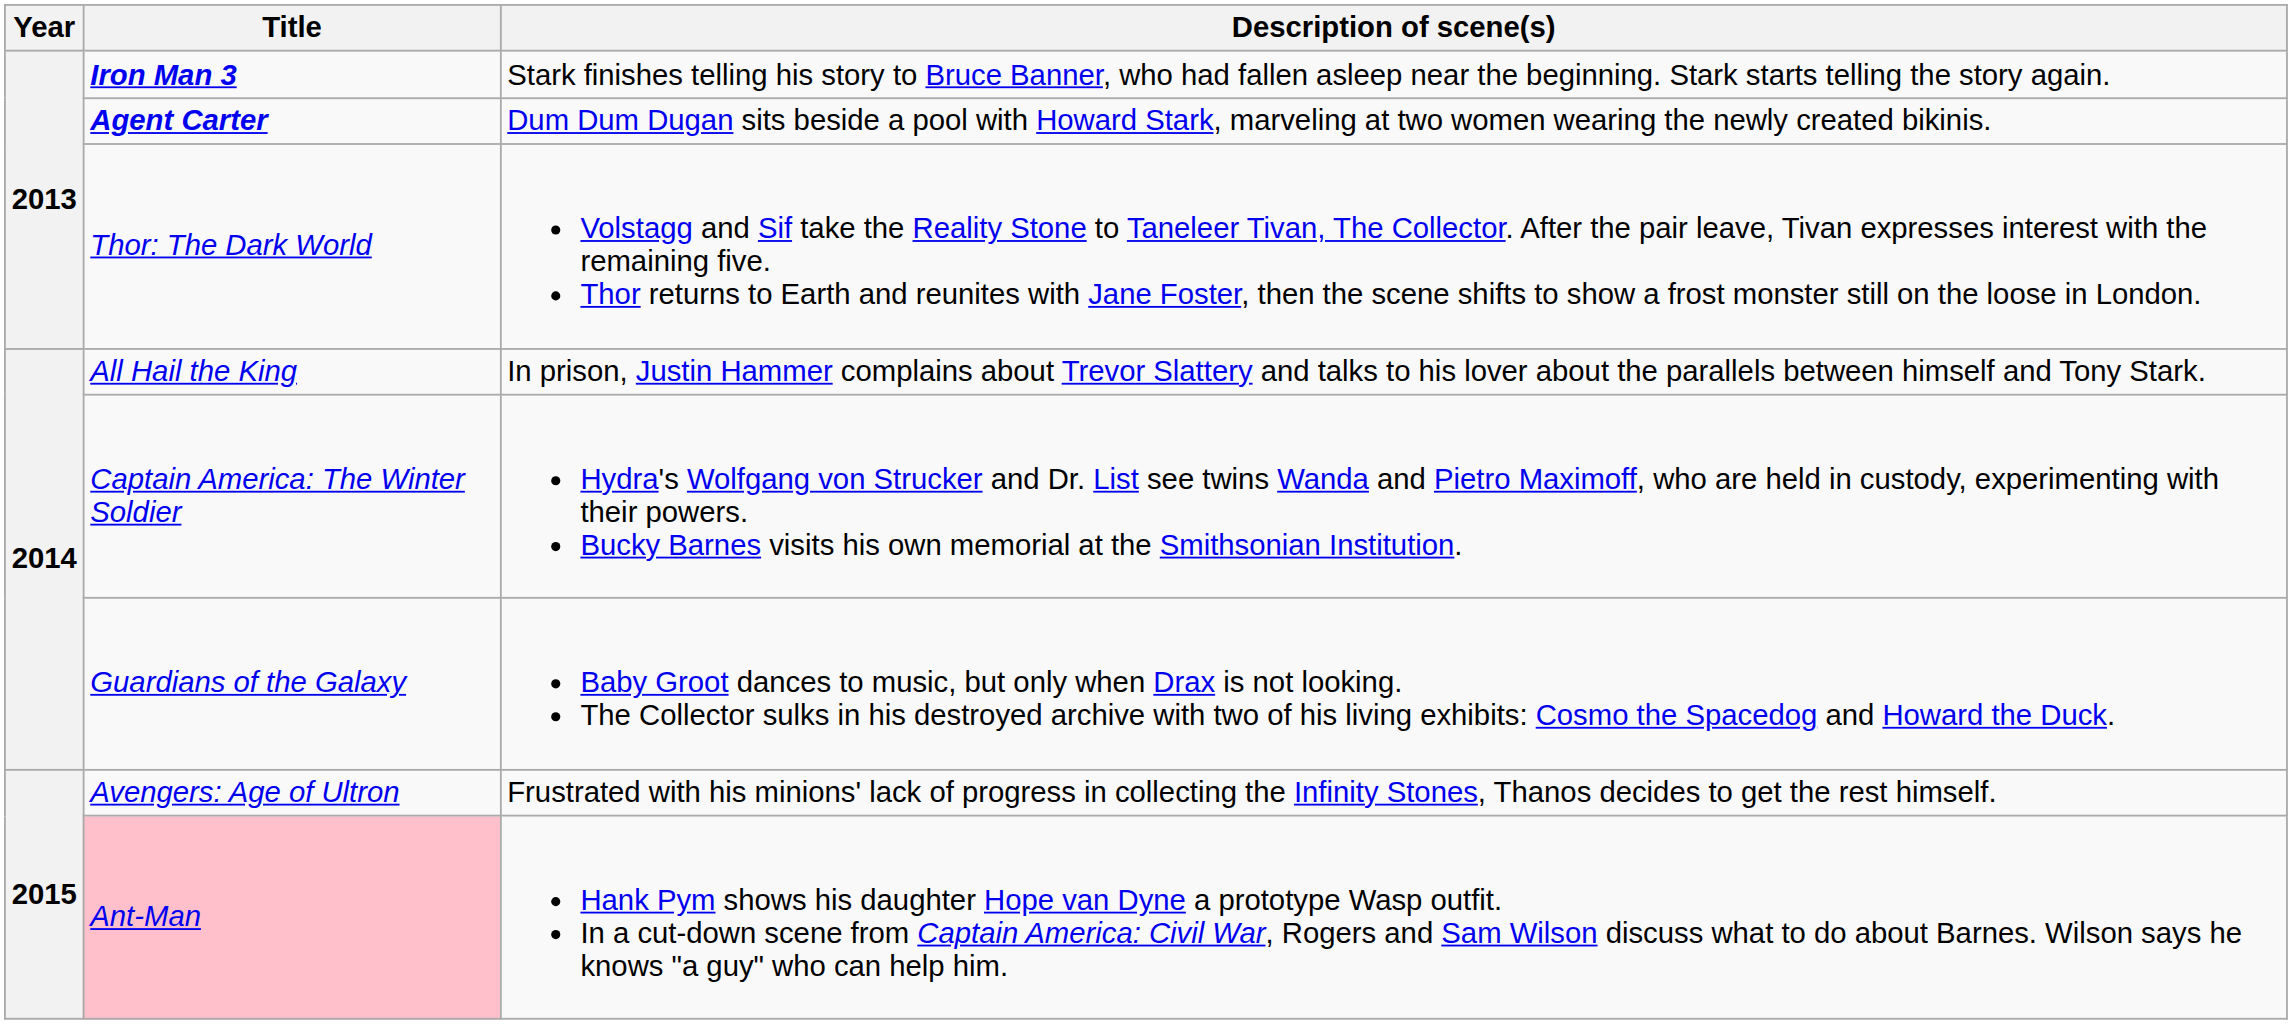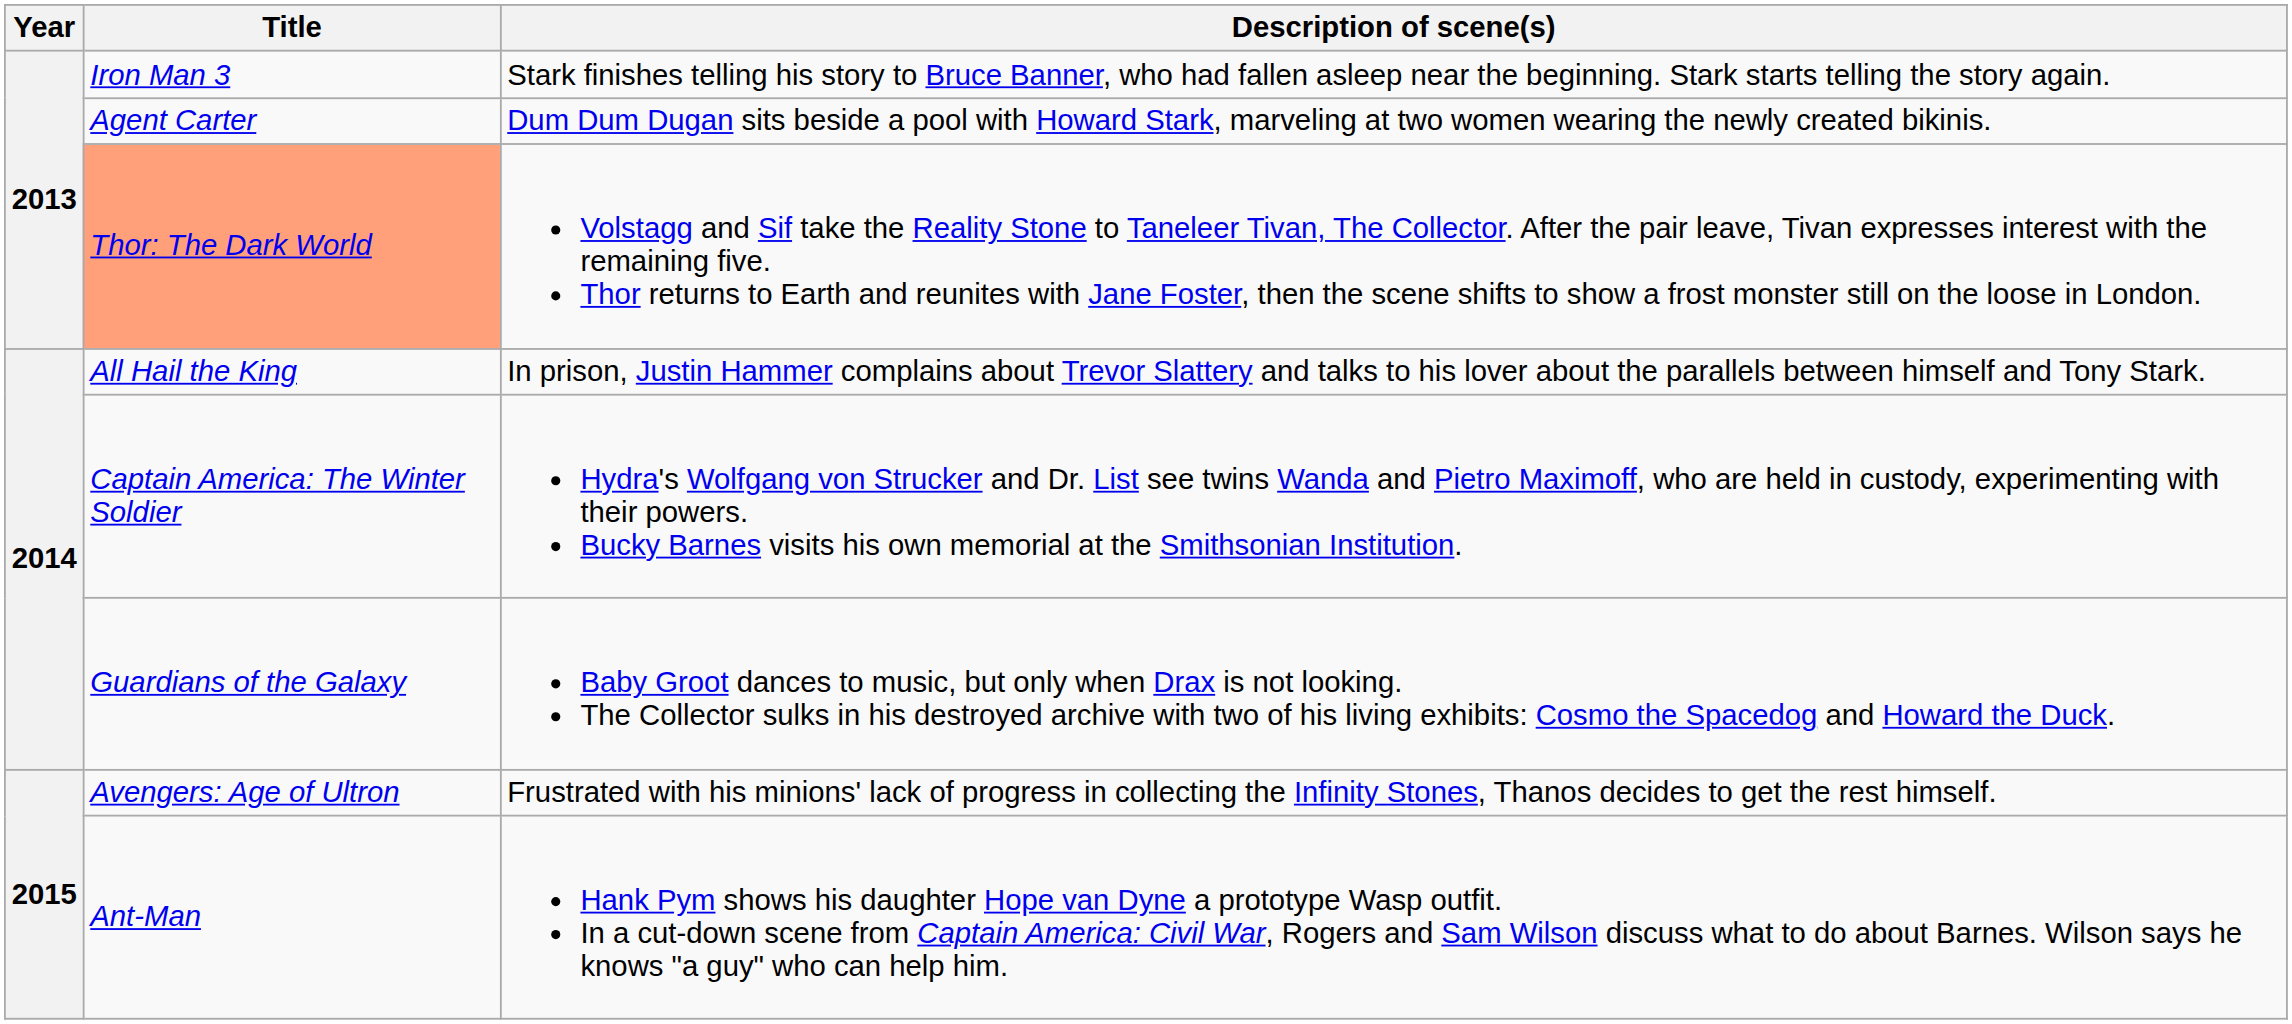 <table class="wikitable">
 <tr>
 <th scope="col">Year</th>
 <th scope="col">Title</th>
 <th scope="col">Description of scene(s)</th>
 </tr>
 <tr>
 <th scope="row" rowspan="3">2013</th>
-<td><strong><em><a href='#'>Iron Man 3</a></em></strong></td>
+<td><em><a href='#'>Iron Man 3</a></em></td>
 <td>Stark finishes telling his story to <a href='#'>Bruce Banner</a>, who had fallen asleep near the beginning. Stark starts telling the story again.</td>
 </tr>
 <tr>
-<td><strong><em><a href='#'>Agent Carter</a></em></strong></td>
+<td><em><a href='#'>Agent Carter</a></em></td>
 <td><a href='#'>Dum Dum Dugan</a> sits beside a pool with <a href='#'>Howard Stark</a>, marveling at two women wearing the newly created bikinis.</td>
 </tr>
 <tr>
-<td><em><a href='#'>Thor: The Dark World</a></em></td>
+<td style="background: lightsalmon;"><em><a href='#'>Thor: The Dark World</a></em></td>
 <td><br><ul><li><a href='#'>Volstagg</a> and <a href='#'>Sif</a> take the <a href='#'>Reality Stone</a> to <a href='#'>Taneleer Tivan, The Collector</a>. After the pair leave, Tivan expresses interest with the remaining five.</li><li><a href='#'>Thor</a> returns to Earth and reunites with <a href='#'>Jane Foster</a>, then the scene shifts to show a frost monster still on the loose in London.</li></ul></td>
 </tr>
 <tr>
 <th scope="row" rowspan="3">2014</th>
 <td><em><a href='#'>All Hail the King</a></em></td>
 <td>In prison, <a href='#'>Justin Hammer</a> complains about <a href='#'>Trevor Slattery</a> and talks to his lover about the parallels between himself and Tony Stark.</td>
 </tr>
 <tr>
 <td><em><a href='#'>Captain America: The Winter Soldier</a></em></td>
 <td><br><ul><li><a href='#'>Hydra</a>'s <a href='#'>Wolfgang von Strucker</a> and Dr. <a href='#'>List</a> see twins <a href='#'>Wanda</a> and <a href='#'>Pietro Maximoff</a>, who are held in custody, experimenting with their powers.</li><li><a href='#'>Bucky Barnes</a> visits his own memorial at the <a href='#'>Smithsonian Institution</a>.</li></ul></td>
 </tr>
 <tr>
 <td><em><a href='#'>Guardians of the Galaxy</a></em></td>
 <td><br><ul><li><a href='#'>Baby Groot</a> dances to music, but only when <a href='#'>Drax</a> is not looking.</li><li>The Collector sulks in his destroyed archive with two of his living exhibits: <a href='#'>Cosmo the Spacedog</a> and <a href='#'>Howard the Duck</a>.</li></ul></td>
 </tr>
 <tr>
 <th scope="row" rowspan="2">2015</th>
 <td><em><a href='#'>Avengers: Age of Ultron</a></em></td>
 <td>Frustrated with his minions' lack of progress in collecting the <a href='#'>Infinity Stones</a>, Thanos decides to get the rest himself.</td>
 </tr>
 <tr>
-<td style="background: pink;"><em><a href='#'>Ant-Man</a></em></td>
+<td><em><a href='#'>Ant-Man</a></em></td>
 <td><br><ul><li><a href='#'>Hank Pym</a> shows his daughter <a href='#'>Hope van Dyne</a> a prototype Wasp outfit.</li><li>In a cut-down scene from <em><a href='#'>Captain America: Civil War</a></em>, Rogers and <a href='#'>Sam Wilson</a> discuss what to do about Barnes. Wilson says he knows "a guy" who can help him.</li></ul></td>
 </tr>
 </table>
